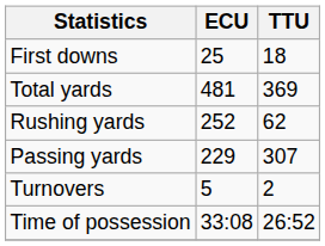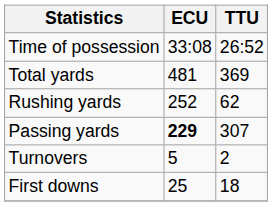 <table class="wikitable" style="float: left;">
 <tr>
 <th>Statistics</th>
 <th>ECU</th>
 <th>TTU</th>
 </tr>
 <tr>
-<td>First downs</td>
-<td>25</td>
-<td>18</td>
+<td>Time of possession</td>
+<td>33:08</td>
+<td>26:52</td>
 </tr>
 <tr>
 <td>Total yards</td>
 <td>481</td>
 <td>369</td>
 </tr>
 <tr>
 <td>Rushing yards</td>
 <td>252</td>
 <td>62</td>
 </tr>
 <tr>
 <td>Passing yards</td>
-<td>229</td>
+<td><strong>229</strong></td>
 <td>307</td>
 </tr>
 <tr>
 <td>Turnovers</td>
 <td>5</td>
 <td>2</td>
 </tr>
 <tr>
-<td>Time of possession</td>
-<td>33:08</td>
-<td>26:52</td>
+<td>First downs</td>
+<td>25</td>
+<td>18</td>
 </tr>
 <tr>
 </tr>
 </table>
